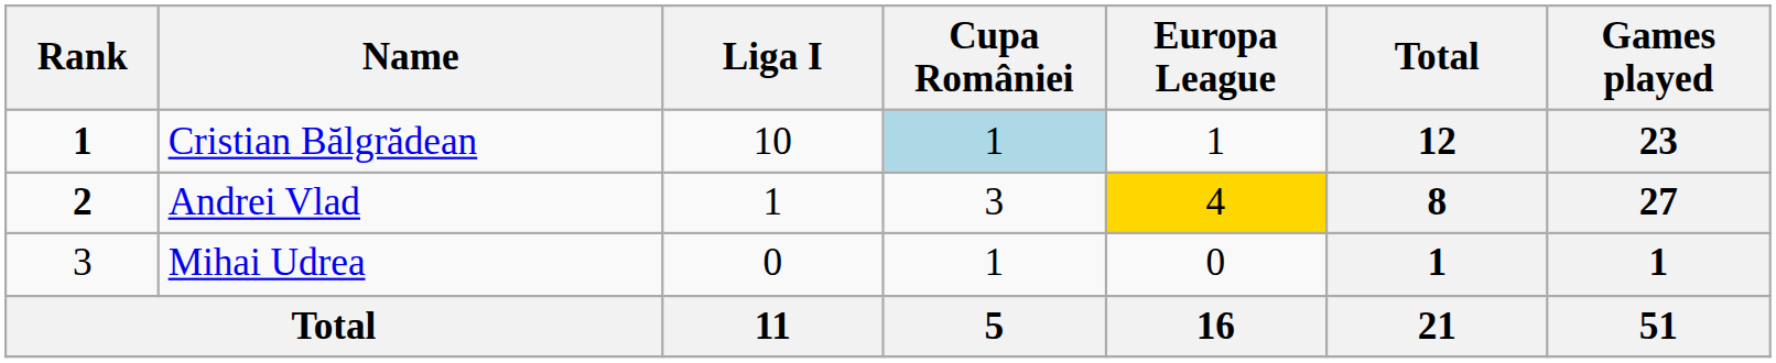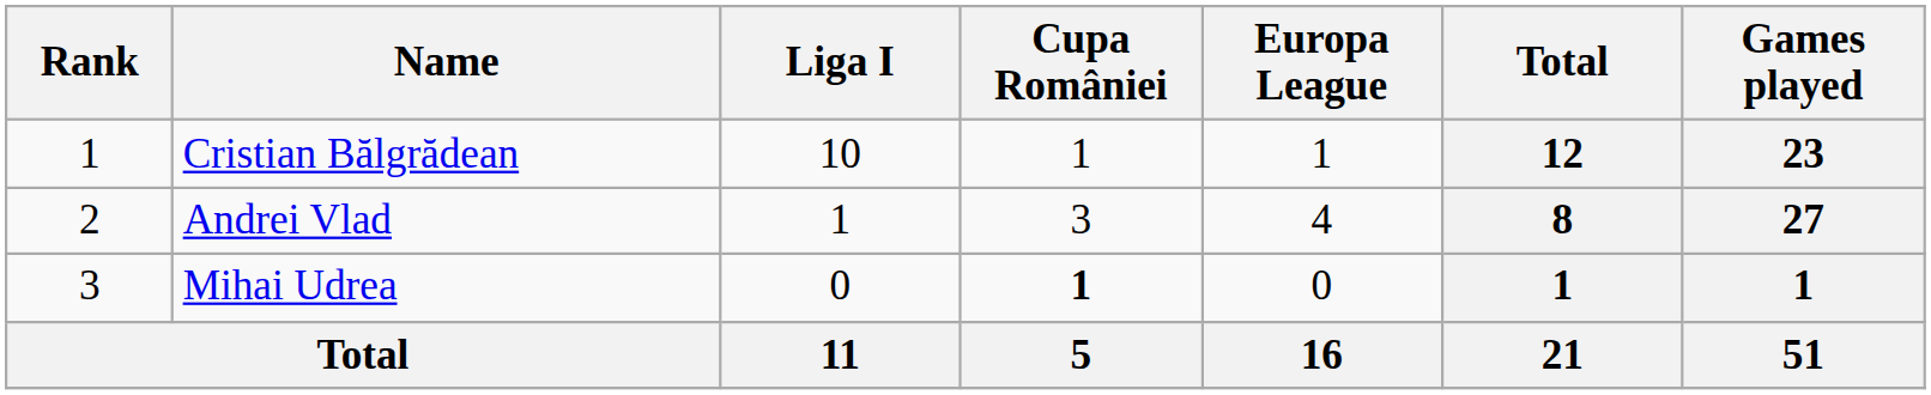 <table class="wikitable" style="text-align:center;">
 <tr>
 <th style="width:56px;">Rank</th>
 <th style="width:200px;">Name</th>
 <th style="width:84px;">Liga I</th>
 <th style="width:84px;">Cupa României</th>
 <th style="width:84px;">Europa League</th>
 <th style="width:84px;">Total</th>
 <th style="width:84px;">Games played</th>
 </tr>
 <tr>
-<td><strong>1</strong></td>
+<td>1</td>
 <td align="left"> <a href='#'>Cristian Bălgrădean</a></td>
 <td>10</td>
-<td style="background: lightblue;">1</td>
+<td>1</td>
 <td>1</td>
 <th>12</th>
 <th>23</th>
 </tr>
 <tr>
-<td><strong>2</strong></td>
+<td>2</td>
 <td align="left"> <a href='#'>Andrei Vlad</a></td>
 <td>1</td>
 <td>3</td>
-<td style="background: gold;">4</td>
+<td>4</td>
 <th>8</th>
 <th>27</th>
 </tr>
 <tr>
 <td>3</td>
 <td align="left"> <a href='#'>Mihai Udrea</a></td>
 <td>0</td>
-<td>1</td>
+<td><strong>1</strong></td>
 <td>0</td>
 <th>1</th>
 <th>1</th>
 </tr>
 <tr>
 <th colspan="2">Total</th>
 <th>11</th>
 <th>5</th>
 <th>16</th>
 <th>21</th>
 <th>51</th>
 </tr>
 <tr>
 </tr>
 </table>
